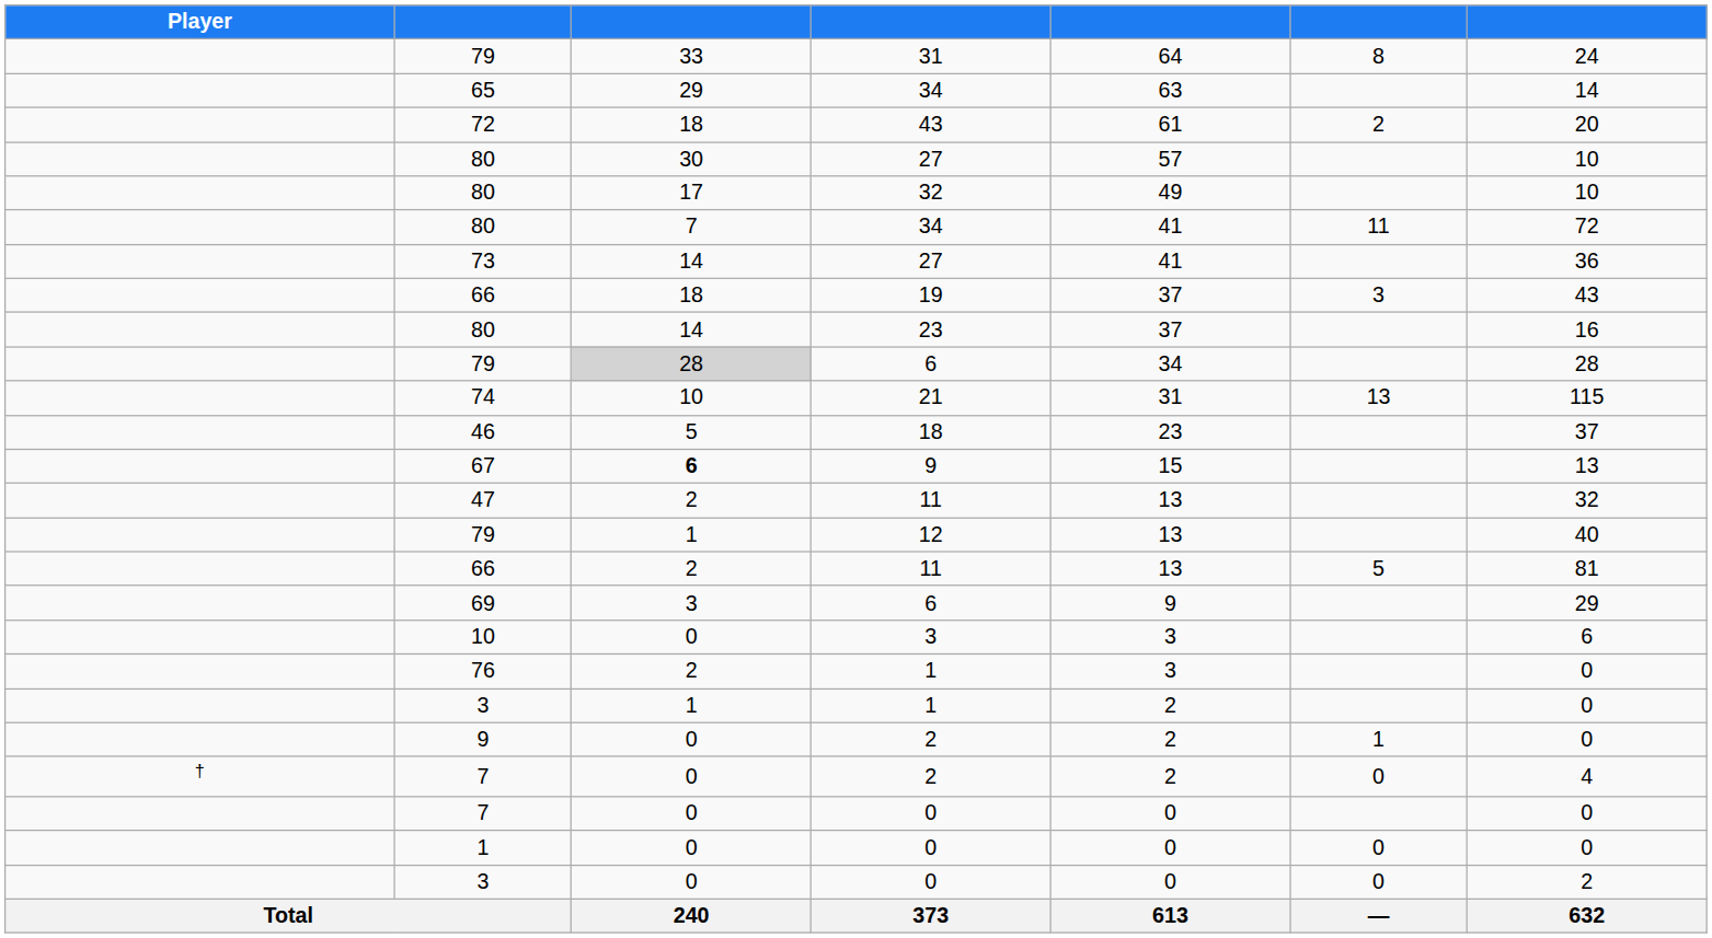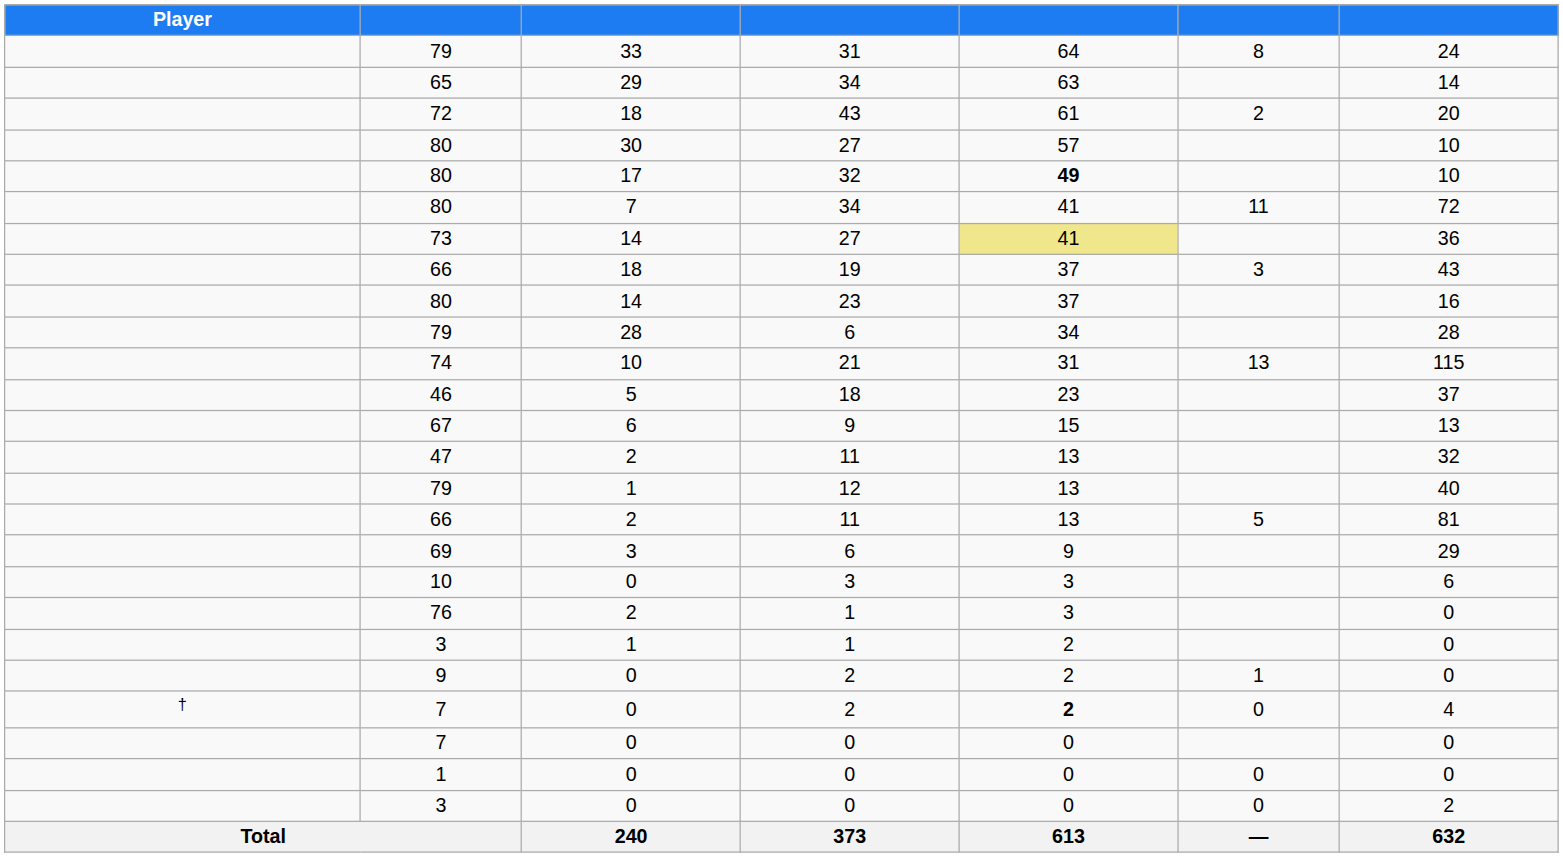 <table class="wikitable sortable" style="width:100%; text-align:center;">
 <tr align=center>
 <th style="color:white; background:#1D7CF2; ">Player</th>
 <th style="color:white; background:#1D7CF2; "></th>
 <th style="color:white; background:#1D7CF2; "></th>
 <th style="color:white; background:#1D7CF2; "></th>
 <th style="color:white; background:#1D7CF2; "></th>
 <th style="color:white; background:#1D7CF2; "></th>
 <th style="color:white; background:#1D7CF2; "></th>
 </tr>
 <tr>
 <td></td>
 <td>79</td>
 <td>33</td>
 <td>31</td>
 <td>64</td>
 <td>8</td>
 <td>24</td>
 </tr>
 <tr>
 <td></td>
 <td>65</td>
 <td>29</td>
 <td>34</td>
 <td>63</td>
 <td></td>
 <td>14</td>
 </tr>
 <tr>
 <td></td>
 <td>72</td>
 <td>18</td>
 <td>43</td>
 <td>61</td>
 <td>2</td>
 <td>20</td>
 </tr>
 <tr>
 <td></td>
 <td>80</td>
 <td>30</td>
 <td>27</td>
 <td>57</td>
 <td></td>
 <td>10</td>
 </tr>
 <tr>
 <td></td>
 <td>80</td>
 <td>17</td>
 <td>32</td>
-<td>49</td>
+<td><strong>49</strong></td>
 <td></td>
 <td>10</td>
 </tr>
 <tr>
 <td></td>
 <td>80</td>
 <td>7</td>
 <td>34</td>
 <td>41</td>
 <td>11</td>
 <td>72</td>
 </tr>
 <tr>
 <td></td>
 <td>73</td>
 <td>14</td>
 <td>27</td>
-<td>41</td>
+<td style="background: khaki;">41</td>
 <td></td>
 <td>36</td>
 </tr>
 <tr>
 <td></td>
 <td>66</td>
 <td>18</td>
 <td>19</td>
 <td>37</td>
 <td>3</td>
 <td>43</td>
 </tr>
 <tr>
 <td></td>
 <td>80</td>
 <td>14</td>
 <td>23</td>
 <td>37</td>
 <td></td>
 <td>16</td>
 </tr>
 <tr>
 <td></td>
 <td>79</td>
-<td style="background: lightgrey;">28</td>
+<td>28</td>
 <td>6</td>
 <td>34</td>
 <td></td>
 <td>28</td>
 </tr>
 <tr>
 <td></td>
 <td>74</td>
 <td>10</td>
 <td>21</td>
 <td>31</td>
 <td>13</td>
 <td>115</td>
 </tr>
 <tr>
 <td></td>
 <td>46</td>
 <td>5</td>
 <td>18</td>
 <td>23</td>
 <td></td>
 <td>37</td>
 </tr>
 <tr>
 <td></td>
 <td>67</td>
-<td><strong>6</strong></td>
+<td>6</td>
 <td>9</td>
 <td>15</td>
 <td></td>
 <td>13</td>
 </tr>
 <tr>
 <td></td>
 <td>47</td>
 <td>2</td>
 <td>11</td>
 <td>13</td>
 <td></td>
 <td>32</td>
 </tr>
 <tr>
 <td></td>
 <td>79</td>
 <td>1</td>
 <td>12</td>
 <td>13</td>
 <td></td>
 <td>40</td>
 </tr>
 <tr>
 <td></td>
 <td>66</td>
 <td>2</td>
 <td>11</td>
 <td>13</td>
 <td>5</td>
 <td>81</td>
 </tr>
 <tr>
 <td></td>
 <td>69</td>
 <td>3</td>
 <td>6</td>
 <td>9</td>
 <td></td>
 <td>29</td>
 </tr>
 <tr>
 <td></td>
 <td>10</td>
 <td>0</td>
 <td>3</td>
 <td>3</td>
 <td></td>
 <td>6</td>
 </tr>
 <tr>
 <td></td>
 <td>76</td>
 <td>2</td>
 <td>1</td>
 <td>3</td>
 <td></td>
 <td>0</td>
 </tr>
 <tr>
 <td></td>
 <td>3</td>
 <td>1</td>
 <td>1</td>
 <td>2</td>
 <td></td>
 <td>0</td>
 </tr>
 <tr>
 <td></td>
 <td>9</td>
 <td>0</td>
 <td>2</td>
 <td>2</td>
 <td>1</td>
 <td>0</td>
 </tr>
 <tr>
 <td><sup>†</sup></td>
 <td>7</td>
 <td>0</td>
 <td>2</td>
-<td>2</td>
+<td><strong>2</strong></td>
 <td>0</td>
 <td>4</td>
 </tr>
 <tr>
 <td></td>
 <td>7</td>
 <td>0</td>
 <td>0</td>
 <td>0</td>
 <td></td>
 <td>0</td>
 </tr>
 <tr>
 <td></td>
 <td>1</td>
 <td>0</td>
 <td>0</td>
 <td>0</td>
 <td>0</td>
 <td>0</td>
 </tr>
 <tr>
 <td></td>
 <td>3</td>
 <td>0</td>
 <td>0</td>
 <td>0</td>
 <td>0</td>
 <td>2</td>
 </tr>
 <tr class="sortbottom">
 <th colspan=2>Total</th>
 <th>240</th>
 <th>373</th>
 <th>613</th>
 <th>—</th>
 <th>632</th>
 </tr>
 </table>
